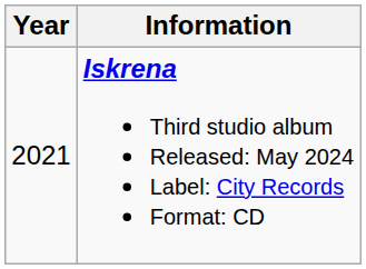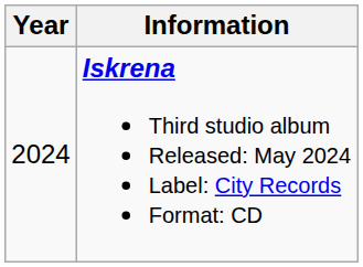 <table class="wikitable">
 <tr>
 <th align="center" rowspan="1">Year</th>
 <th align="center" rowspan="1">Information</th>
 </tr>
 <tr>
-<td>2021</td>
+<td>2024</td>
 <td><strong><em><a href='#'>Iskrena</a></em></strong><br><ul><li><small>Third studio album</small></li><li><small>Released: May 2024 </small></li><li><small>Label: <a href='#'>City Records</a></small></li><li><small>Format: CD</small></li></ul></td>
 </tr>
 </table>
